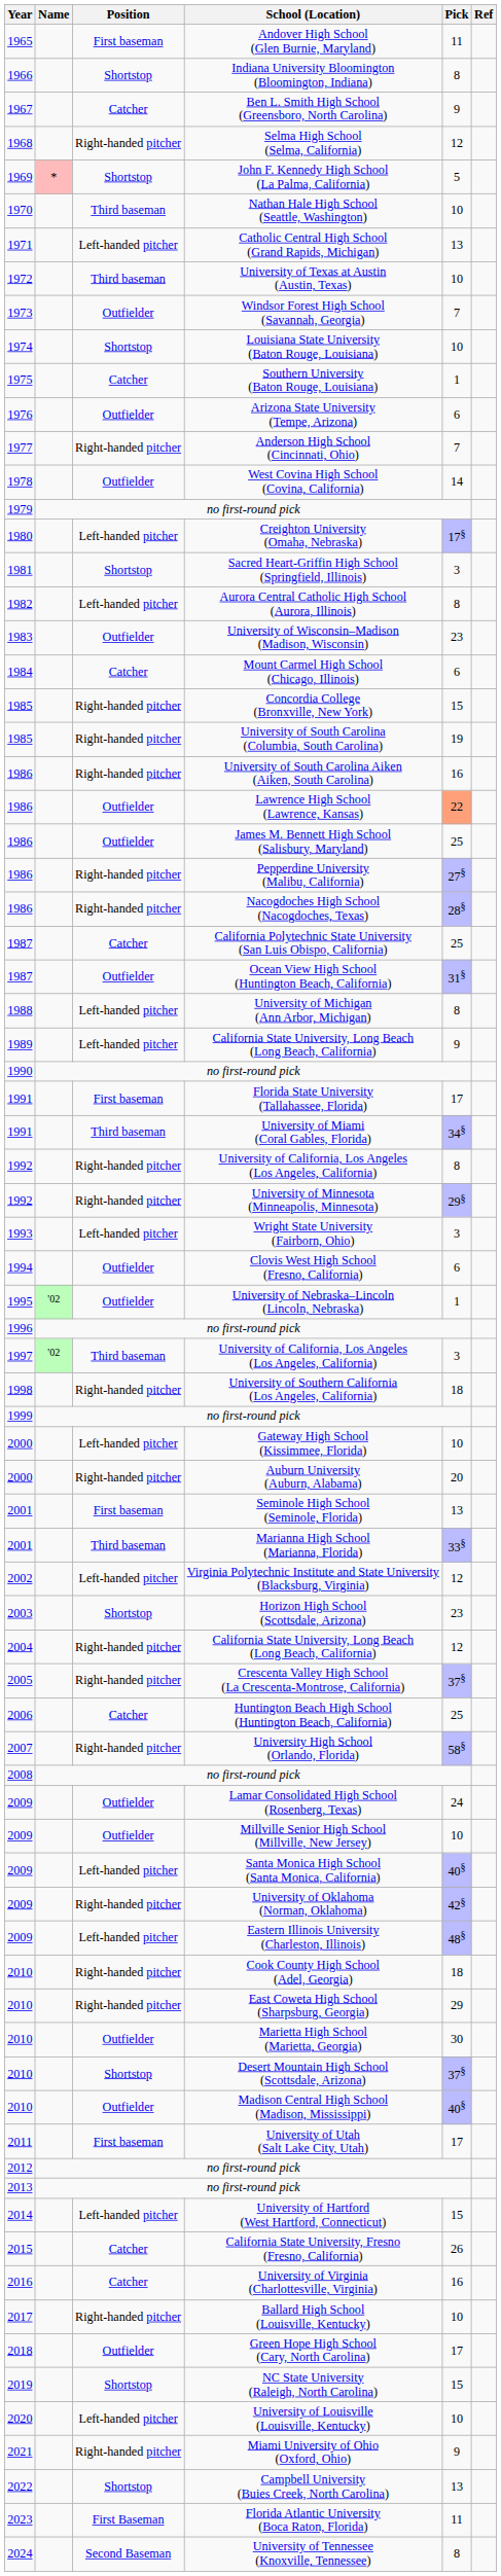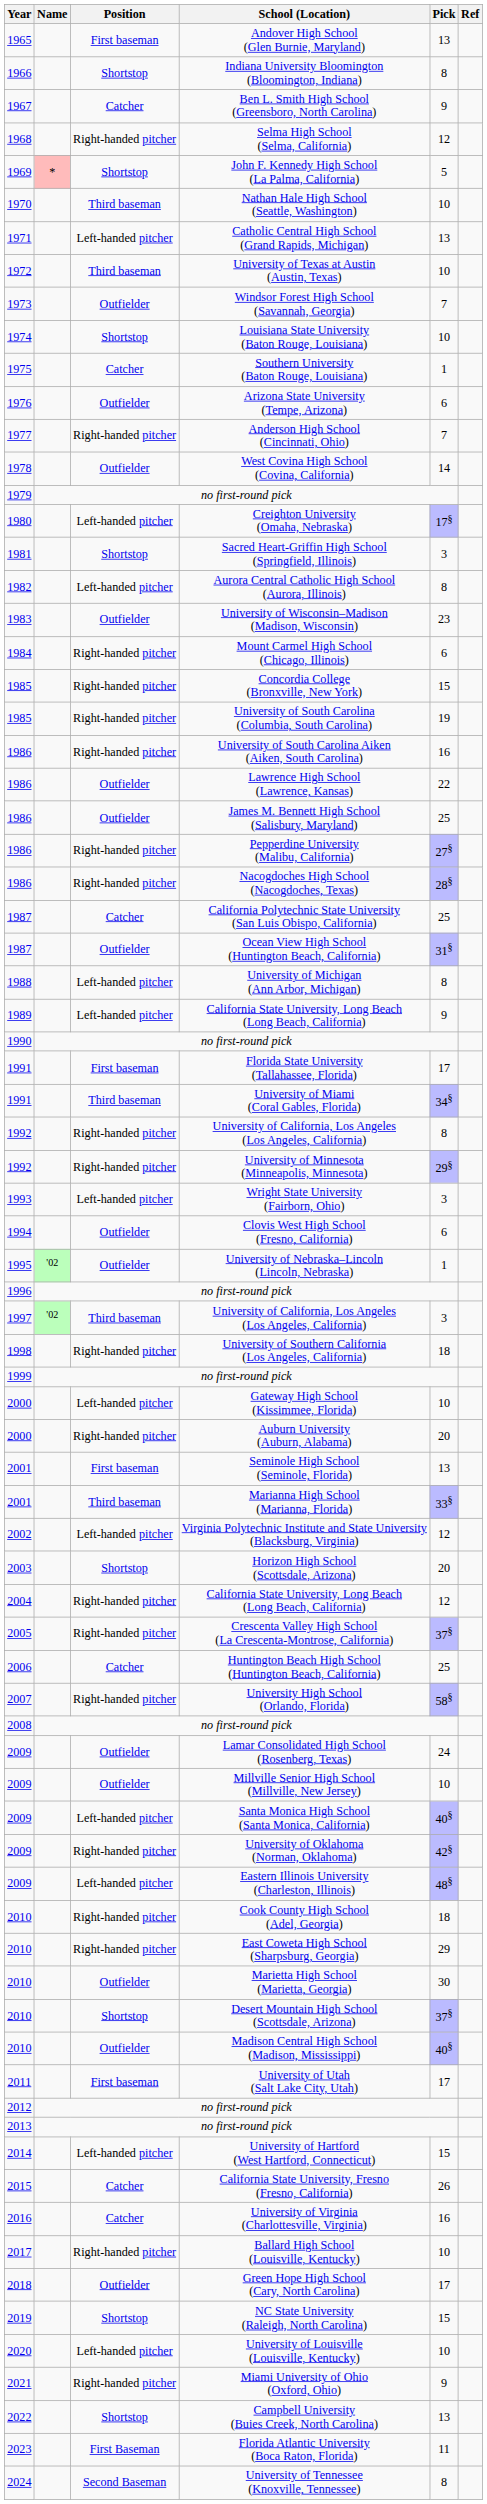 <table class="wikitable" style="text-align:center;" border="1">
 <tr>
 <th>Year</th>
 <th>Name</th>
 <th>Position</th>
 <th>School (Location)</th>
 <th>Pick</th>
 <th>Ref</th>
 </tr>
 <tr>
 <td><a href='#'>1965</a></td>
 <td></td>
 <td><a href='#'>First baseman</a></td>
 <td><a href='#'>Andover High School</a><br>(<a href='#'>Glen Burnie, Maryland</a>)</td>
-<td>11</td>
+<td>13</td>
 <td></td>
 </tr>
 <tr>
 <td><a href='#'>1966</a></td>
 <td></td>
 <td><a href='#'>Shortstop</a></td>
 <td><a href='#'>Indiana University Bloomington</a><br>(<a href='#'>Bloomington, Indiana</a>)</td>
 <td>8</td>
 <td></td>
 </tr>
 <tr>
 <td><a href='#'>1967</a></td>
 <td></td>
 <td><a href='#'>Catcher</a></td>
 <td><a href='#'>Ben L. Smith High School</a><br>(<a href='#'>Greensboro, North Carolina</a>)</td>
 <td>9</td>
 <td></td>
 </tr>
 <tr>
 <td><a href='#'>1968</a></td>
 <td></td>
 <td>Right-handed <a href='#'>pitcher</a></td>
 <td><a href='#'>Selma High School</a><br>(<a href='#'>Selma, California</a>)</td>
 <td>12</td>
 <td></td>
 </tr>
 <tr>
 <td><a href='#'>1969</a></td>
 <td bgcolor="#ffbbbb">*</td>
 <td><a href='#'>Shortstop</a></td>
 <td><a href='#'>John F. Kennedy High School</a><br>(<a href='#'>La Palma, California</a>)</td>
 <td>5</td>
 <td></td>
 </tr>
 <tr>
 <td><a href='#'>1970</a></td>
 <td></td>
 <td><a href='#'>Third baseman</a></td>
 <td><a href='#'>Nathan Hale High School</a><br>(<a href='#'>Seattle, Washington</a>)</td>
 <td>10</td>
 <td></td>
 </tr>
 <tr>
 <td><a href='#'>1971</a></td>
 <td></td>
 <td>Left-handed <a href='#'>pitcher</a></td>
 <td><a href='#'>Catholic Central High School</a><br>(<a href='#'>Grand Rapids, Michigan</a>)</td>
 <td>13</td>
 <td></td>
 </tr>
 <tr>
 <td><a href='#'>1972</a></td>
 <td></td>
 <td><a href='#'>Third baseman</a></td>
 <td><a href='#'>University of Texas at Austin</a><br>(<a href='#'>Austin, Texas</a>)</td>
 <td>10</td>
 <td></td>
 </tr>
 <tr>
 <td><a href='#'>1973</a></td>
 <td></td>
 <td><a href='#'>Outfielder</a></td>
 <td><a href='#'>Windsor Forest High School</a><br>(<a href='#'>Savannah, Georgia</a>)</td>
 <td>7</td>
 <td></td>
 </tr>
 <tr>
 <td><a href='#'>1974</a></td>
 <td></td>
 <td><a href='#'>Shortstop</a></td>
 <td><a href='#'>Louisiana State University</a><br>(<a href='#'>Baton Rouge, Louisiana</a>)</td>
 <td>10</td>
 <td></td>
 </tr>
 <tr>
 <td><a href='#'>1975</a></td>
 <td></td>
 <td><a href='#'>Catcher</a></td>
 <td><a href='#'>Southern University</a><br>(<a href='#'>Baton Rouge, Louisiana</a>)</td>
 <td>1</td>
 <td></td>
 </tr>
 <tr>
 <td><a href='#'>1976</a></td>
 <td></td>
 <td><a href='#'>Outfielder</a></td>
 <td><a href='#'>Arizona State University</a><br>(<a href='#'>Tempe, Arizona</a>)</td>
 <td>6</td>
 <td></td>
 </tr>
 <tr>
 <td><a href='#'>1977</a></td>
 <td></td>
 <td>Right-handed <a href='#'>pitcher</a></td>
 <td><a href='#'>Anderson High School</a><br>(<a href='#'>Cincinnati, Ohio</a>)</td>
 <td>7</td>
 <td></td>
 </tr>
 <tr>
 <td><a href='#'>1978</a></td>
 <td></td>
 <td><a href='#'>Outfielder</a></td>
 <td><a href='#'>West Covina High School</a><br>(<a href='#'>Covina, California</a>)</td>
 <td>14</td>
 <td></td>
 </tr>
 <tr>
 <td><a href='#'>1979</a></td>
 <td colspan="4"><em>no first-round pick</em></td>
 <td></td>
 </tr>
 <tr>
 <td><a href='#'>1980</a></td>
 <td></td>
 <td>Left-handed <a href='#'>pitcher</a></td>
 <td><a href='#'>Creighton University</a><br>(<a href='#'>Omaha, Nebraska</a>)</td>
 <td bgcolor="#bbbbff">17<sup>§</sup></td>
 <td></td>
 </tr>
 <tr>
 <td><a href='#'>1981</a></td>
 <td></td>
 <td><a href='#'>Shortstop</a></td>
 <td><a href='#'>Sacred Heart-Griffin High School</a><br>(<a href='#'>Springfield, Illinois</a>)</td>
 <td>3</td>
 <td></td>
 </tr>
 <tr>
 <td><a href='#'>1982</a></td>
 <td></td>
 <td>Left-handed <a href='#'>pitcher</a></td>
 <td><a href='#'>Aurora Central Catholic High School</a><br>(<a href='#'>Aurora, Illinois</a>)</td>
 <td>8</td>
 <td></td>
 </tr>
 <tr>
 <td><a href='#'>1983</a></td>
 <td></td>
 <td><a href='#'>Outfielder</a></td>
 <td><a href='#'>University of Wisconsin–Madison</a><br>(<a href='#'>Madison, Wisconsin</a>)</td>
 <td>23</td>
 <td></td>
 </tr>
 <tr>
 <td><a href='#'>1984</a></td>
 <td></td>
-<td><a href='#'>Catcher</a></td>
+<td>Right-handed <a href='#'>pitcher</a></td>
 <td><a href='#'>Mount Carmel High School</a><br>(<a href='#'>Chicago, Illinois</a>)</td>
 <td>6</td>
 <td></td>
 </tr>
 <tr>
 <td><a href='#'>1985</a></td>
 <td></td>
 <td>Right-handed <a href='#'>pitcher</a></td>
 <td><a href='#'>Concordia College</a><br>(<a href='#'>Bronxville, New York</a>)</td>
 <td>15</td>
 <td></td>
 </tr>
 <tr>
 <td><a href='#'>1985</a></td>
 <td></td>
 <td>Right-handed <a href='#'>pitcher</a></td>
 <td><a href='#'>University of South Carolina</a><br>(<a href='#'>Columbia, South Carolina</a>)</td>
 <td>19</td>
 <td></td>
 </tr>
 <tr>
 <td><a href='#'>1986</a></td>
 <td></td>
 <td>Right-handed <a href='#'>pitcher</a></td>
 <td><a href='#'>University of South Carolina Aiken</a><br>(<a href='#'>Aiken, South Carolina</a>)</td>
 <td>16</td>
 <td></td>
 </tr>
 <tr>
 <td><a href='#'>1986</a></td>
 <td></td>
 <td><a href='#'>Outfielder</a></td>
 <td><a href='#'>Lawrence High School</a><br>(<a href='#'>Lawrence, Kansas</a>)</td>
-<td style="background: lightsalmon;">22</td>
+<td>22</td>
 <td></td>
 </tr>
 <tr>
 <td><a href='#'>1986</a></td>
 <td></td>
 <td><a href='#'>Outfielder</a></td>
 <td><a href='#'>James M. Bennett High School</a><br>(<a href='#'>Salisbury, Maryland</a>)</td>
 <td>25</td>
 <td></td>
 </tr>
 <tr>
 <td><a href='#'>1986</a></td>
 <td></td>
 <td>Right-handed <a href='#'>pitcher</a></td>
 <td><a href='#'>Pepperdine University</a><br>(<a href='#'>Malibu, California</a>)</td>
 <td bgcolor="#bbbbff">27<sup>§</sup></td>
 <td></td>
 </tr>
 <tr>
 <td><a href='#'>1986</a></td>
 <td></td>
 <td>Right-handed <a href='#'>pitcher</a></td>
 <td><a href='#'>Nacogdoches High School</a><br>(<a href='#'>Nacogdoches, Texas</a>)</td>
 <td bgcolor="#bbbbff">28<sup>§</sup></td>
 <td></td>
 </tr>
 <tr>
 <td><a href='#'>1987</a></td>
 <td></td>
 <td><a href='#'>Catcher</a></td>
 <td><a href='#'>California Polytechnic State University</a><br>(<a href='#'>San Luis Obispo, California</a>)</td>
 <td>25</td>
 <td></td>
 </tr>
 <tr>
 <td><a href='#'>1987</a></td>
 <td></td>
 <td><a href='#'>Outfielder</a></td>
 <td><a href='#'>Ocean View High School</a><br>(<a href='#'>Huntington Beach, California</a>)</td>
 <td bgcolor="#bbbbff">31<sup>§</sup></td>
 <td></td>
 </tr>
 <tr>
 <td><a href='#'>1988</a></td>
 <td></td>
 <td>Left-handed <a href='#'>pitcher</a></td>
 <td><a href='#'>University of Michigan</a><br>(<a href='#'>Ann Arbor, Michigan</a>)</td>
 <td>8</td>
 <td></td>
 </tr>
 <tr>
 <td><a href='#'>1989</a></td>
 <td></td>
 <td>Left-handed <a href='#'>pitcher</a></td>
 <td><a href='#'>California State University, Long Beach</a><br>(<a href='#'>Long Beach, California</a>)</td>
 <td>9</td>
 <td></td>
 </tr>
 <tr>
 <td><a href='#'>1990</a></td>
 <td colspan="4"><em>no first-round pick</em></td>
 <td></td>
 </tr>
 <tr>
 <td><a href='#'>1991</a></td>
 <td></td>
 <td><a href='#'>First baseman</a></td>
 <td><a href='#'>Florida State University</a><br>(<a href='#'>Tallahassee, Florida</a>)</td>
 <td>17</td>
 <td></td>
 </tr>
 <tr>
 <td><a href='#'>1991</a></td>
 <td></td>
 <td><a href='#'>Third baseman</a></td>
 <td><a href='#'>University of Miami</a><br>(<a href='#'>Coral Gables, Florida</a>)</td>
 <td bgcolor="#bbbbff">34<sup>§</sup></td>
 <td></td>
 </tr>
 <tr>
 <td><a href='#'>1992</a></td>
 <td></td>
 <td>Right-handed <a href='#'>pitcher</a></td>
 <td><a href='#'>University of California, Los Angeles</a><br>(<a href='#'>Los Angeles, California</a>)</td>
 <td>8</td>
 <td></td>
 </tr>
 <tr>
 <td><a href='#'>1992</a></td>
 <td></td>
 <td>Right-handed <a href='#'>pitcher</a></td>
 <td><a href='#'>University of Minnesota</a><br>(<a href='#'>Minneapolis, Minnesota</a>)</td>
 <td bgcolor="#bbbbff">29<sup>§</sup></td>
 <td></td>
 </tr>
 <tr>
 <td><a href='#'>1993</a></td>
 <td></td>
 <td>Left-handed <a href='#'>pitcher</a></td>
 <td><a href='#'>Wright State University</a><br>(<a href='#'>Fairborn, Ohio</a>)</td>
 <td>3</td>
 <td></td>
 </tr>
 <tr>
 <td><a href='#'>1994</a></td>
 <td></td>
 <td><a href='#'>Outfielder</a></td>
 <td><a href='#'>Clovis West High School</a><br>(<a href='#'>Fresno, California</a>)</td>
 <td>6</td>
 <td></td>
 </tr>
 <tr>
 <td><a href='#'>1995</a></td>
 <td bgcolor="#bbffbb"><sup>'02</sup></td>
 <td><a href='#'>Outfielder</a></td>
 <td><a href='#'>University of Nebraska–Lincoln</a><br>(<a href='#'>Lincoln, Nebraska</a>)</td>
 <td>1</td>
 <td></td>
 </tr>
 <tr>
 <td><a href='#'>1996</a></td>
 <td colspan="4"><em>no first-round pick</em></td>
 <td></td>
 </tr>
 <tr>
 <td><a href='#'>1997</a></td>
 <td bgcolor="#bbffbb"><sup>'02</sup></td>
 <td><a href='#'>Third baseman</a></td>
 <td><a href='#'>University of California, Los Angeles</a><br>(<a href='#'>Los Angeles, California</a>)</td>
 <td>3</td>
 <td></td>
 </tr>
 <tr>
 <td><a href='#'>1998</a></td>
 <td></td>
 <td>Right-handed <a href='#'>pitcher</a></td>
 <td><a href='#'>University of Southern California</a><br>(<a href='#'>Los Angeles, California</a>)</td>
 <td>18</td>
 <td></td>
 </tr>
 <tr>
 <td><a href='#'>1999</a></td>
 <td colspan="4"><em>no first-round pick</em></td>
 <td></td>
 </tr>
 <tr>
 <td><a href='#'>2000</a></td>
 <td></td>
 <td>Left-handed <a href='#'>pitcher</a></td>
 <td><a href='#'>Gateway High School</a><br>(<a href='#'>Kissimmee, Florida</a>)</td>
 <td>10</td>
 <td></td>
 </tr>
 <tr>
 <td><a href='#'>2000</a></td>
 <td></td>
 <td>Right-handed <a href='#'>pitcher</a></td>
 <td><a href='#'>Auburn University</a><br>(<a href='#'>Auburn, Alabama</a>)</td>
 <td>20</td>
 <td></td>
 </tr>
 <tr>
 <td><a href='#'>2001</a></td>
 <td></td>
 <td><a href='#'>First baseman</a></td>
 <td><a href='#'>Seminole High School</a><br>(<a href='#'>Seminole, Florida</a>)</td>
 <td>13</td>
 <td></td>
 </tr>
 <tr>
 <td><a href='#'>2001</a></td>
 <td></td>
 <td><a href='#'>Third baseman</a></td>
 <td><a href='#'>Marianna High School</a><br>(<a href='#'>Marianna, Florida</a>)</td>
 <td bgcolor="#bbbbff">33<sup>§</sup></td>
 <td></td>
 </tr>
 <tr>
 <td><a href='#'>2002</a></td>
 <td></td>
 <td>Left-handed <a href='#'>pitcher</a></td>
 <td><a href='#'>Virginia Polytechnic Institute and State University</a><br>(<a href='#'>Blacksburg, Virginia</a>)</td>
 <td>12</td>
 <td></td>
 </tr>
 <tr>
 <td><a href='#'>2003</a></td>
 <td></td>
 <td><a href='#'>Shortstop</a></td>
 <td><a href='#'>Horizon High School</a><br>(<a href='#'>Scottsdale, Arizona</a>)</td>
-<td>23</td>
+<td>20</td>
 <td></td>
 </tr>
 <tr>
 <td><a href='#'>2004</a></td>
 <td></td>
 <td>Right-handed <a href='#'>pitcher</a></td>
 <td><a href='#'>California State University, Long Beach</a><br>(<a href='#'>Long Beach, California</a>)</td>
 <td>12</td>
 <td></td>
 </tr>
 <tr>
 <td><a href='#'>2005</a></td>
 <td></td>
 <td>Right-handed <a href='#'>pitcher</a></td>
 <td><a href='#'>Crescenta Valley High School</a><br>(<a href='#'>La Crescenta-Montrose, California</a>)</td>
 <td bgcolor="#bbbbff">37<sup>§</sup></td>
 <td></td>
 </tr>
 <tr>
 <td><a href='#'>2006</a></td>
 <td></td>
 <td><a href='#'>Catcher</a></td>
 <td><a href='#'>Huntington Beach High School</a><br>(<a href='#'>Huntington Beach, California</a>)</td>
 <td>25</td>
 <td></td>
 </tr>
 <tr>
 <td><a href='#'>2007</a></td>
 <td></td>
 <td>Right-handed <a href='#'>pitcher</a></td>
 <td><a href='#'>University High School</a><br>(<a href='#'>Orlando, Florida</a>)</td>
 <td bgcolor="#bbbbff">58<sup>§</sup></td>
 <td></td>
 </tr>
 <tr>
 <td><a href='#'>2008</a></td>
 <td colspan="4"><em>no first-round pick</em></td>
 <td></td>
 </tr>
 <tr>
 <td><a href='#'>2009</a></td>
 <td></td>
 <td><a href='#'>Outfielder</a></td>
 <td><a href='#'>Lamar Consolidated High School</a><br>(<a href='#'>Rosenberg, Texas</a>)</td>
 <td>24</td>
 <td></td>
 </tr>
 <tr>
 <td><a href='#'>2009</a></td>
 <td></td>
 <td><a href='#'>Outfielder</a></td>
 <td><a href='#'>Millville Senior High School</a><br>(<a href='#'>Millville, New Jersey</a>)</td>
 <td>10</td>
 <td></td>
 </tr>
 <tr>
 <td><a href='#'>2009</a></td>
 <td></td>
 <td>Left-handed <a href='#'>pitcher</a></td>
 <td><a href='#'>Santa Monica High School</a><br>(<a href='#'>Santa Monica, California</a>)</td>
 <td bgcolor="#bbbbff">40<sup>§</sup></td>
 <td></td>
 </tr>
 <tr>
 <td><a href='#'>2009</a></td>
 <td></td>
 <td>Right-handed <a href='#'>pitcher</a></td>
 <td><a href='#'>University of Oklahoma</a><br>(<a href='#'>Norman, Oklahoma</a>)</td>
 <td bgcolor="#bbbbff">42<sup>§</sup></td>
 <td></td>
 </tr>
 <tr>
 <td><a href='#'>2009</a></td>
 <td></td>
 <td>Left-handed <a href='#'>pitcher</a></td>
 <td><a href='#'>Eastern Illinois University</a><br>(<a href='#'>Charleston, Illinois</a>)</td>
 <td bgcolor="#bbbbff">48<sup>§</sup></td>
 <td></td>
 </tr>
 <tr>
 <td><a href='#'>2010</a></td>
 <td></td>
 <td>Right-handed <a href='#'>pitcher</a></td>
 <td><a href='#'>Cook County High School</a><br>(<a href='#'>Adel, Georgia</a>)</td>
 <td>18</td>
 <td></td>
 </tr>
 <tr>
 <td><a href='#'>2010</a></td>
 <td></td>
 <td>Right-handed <a href='#'>pitcher</a></td>
 <td><a href='#'>East Coweta High School</a><br>(<a href='#'>Sharpsburg, Georgia</a>)</td>
 <td>29</td>
 <td></td>
 </tr>
 <tr>
 <td><a href='#'>2010</a></td>
 <td></td>
 <td><a href='#'>Outfielder</a></td>
 <td><a href='#'>Marietta High School</a><br>(<a href='#'>Marietta, Georgia</a>)</td>
 <td>30</td>
 <td></td>
 </tr>
 <tr>
 <td><a href='#'>2010</a></td>
 <td></td>
 <td><a href='#'>Shortstop</a></td>
 <td><a href='#'>Desert Mountain High School</a><br>(<a href='#'>Scottsdale, Arizona</a>)</td>
 <td bgcolor="#bbbbff">37<sup>§</sup></td>
 <td></td>
 </tr>
 <tr>
 <td><a href='#'>2010</a></td>
 <td></td>
 <td><a href='#'>Outfielder</a></td>
 <td><a href='#'>Madison Central High School</a><br>(<a href='#'>Madison, Mississippi</a>)</td>
 <td bgcolor="#bbbbff">40<sup>§</sup></td>
 <td></td>
 </tr>
 <tr>
 <td><a href='#'>2011</a></td>
 <td></td>
 <td><a href='#'>First baseman</a></td>
 <td><a href='#'>University of Utah</a><br>(<a href='#'>Salt Lake City, Utah</a>)</td>
 <td>17</td>
 <td></td>
 </tr>
 <tr>
 <td><a href='#'>2012</a></td>
 <td colspan="4"><em>no first-round pick</em></td>
 <td></td>
 </tr>
 <tr>
 <td><a href='#'>2013</a></td>
 <td colspan="4"><em>no first-round pick</em></td>
 <td></td>
 </tr>
 <tr>
 <td><a href='#'>2014</a></td>
 <td></td>
 <td>Left-handed <a href='#'>pitcher</a></td>
 <td><a href='#'>University of Hartford</a><br>(<a href='#'>West Hartford, Connecticut</a>)</td>
 <td>15</td>
 <td></td>
 </tr>
 <tr>
 <td><a href='#'>2015</a></td>
 <td></td>
 <td><a href='#'>Catcher</a></td>
 <td><a href='#'>California State University, Fresno</a><br>(<a href='#'>Fresno, California</a>)</td>
 <td>26</td>
 <td></td>
 </tr>
 <tr>
 <td><a href='#'>2016</a></td>
 <td></td>
 <td><a href='#'>Catcher</a></td>
 <td><a href='#'>University of Virginia</a><br>(<a href='#'>Charlottesville, Virginia</a>)</td>
 <td>16</td>
 <td></td>
 </tr>
 <tr>
 <td><a href='#'>2017</a></td>
 <td></td>
 <td>Right-handed <a href='#'>pitcher</a></td>
 <td><a href='#'>Ballard High School</a><br>(<a href='#'>Louisville, Kentucky</a>)</td>
 <td>10</td>
 <td></td>
 </tr>
 <tr>
 <td><a href='#'>2018</a></td>
 <td></td>
 <td><a href='#'>Outfielder</a></td>
 <td><a href='#'>Green Hope High School</a><br>(<a href='#'>Cary, North Carolina</a>)</td>
 <td>17</td>
 <td></td>
 </tr>
 <tr>
 <td><a href='#'>2019</a></td>
 <td></td>
 <td><a href='#'>Shortstop</a></td>
 <td><a href='#'>NC State University</a><br>(<a href='#'>Raleigh, North Carolina</a>)</td>
 <td>15</td>
 <td></td>
 </tr>
 <tr>
 <td><a href='#'>2020</a></td>
 <td></td>
 <td>Left-handed <a href='#'>pitcher</a></td>
 <td><a href='#'>University of Louisville</a><br>(<a href='#'>Louisville, Kentucky</a>)</td>
 <td>10</td>
 <td></td>
 </tr>
 <tr>
 <td><a href='#'>2021</a></td>
 <td></td>
 <td>Right-handed <a href='#'>pitcher</a></td>
 <td><a href='#'>Miami University of Ohio</a><br>(<a href='#'>Oxford, Ohio</a>)</td>
 <td>9</td>
 <td></td>
 </tr>
 <tr>
 <td><a href='#'>2022</a></td>
 <td></td>
 <td><a href='#'>Shortstop</a></td>
 <td><a href='#'>Campbell University</a><br>(<a href='#'>Buies Creek, North Carolina</a>)</td>
 <td>13</td>
 <td></td>
 </tr>
 <tr>
 <td><a href='#'>2023</a></td>
 <td></td>
 <td><a href='#'>First Baseman</a></td>
 <td><a href='#'>Florida Atlantic University</a><br>(<a href='#'>Boca Raton, Florida</a>)</td>
 <td>11</td>
 <td></td>
 </tr>
 <tr>
 <td><a href='#'>2024</a></td>
 <td></td>
 <td><a href='#'>Second Baseman</a></td>
 <td><a href='#'>University of Tennessee</a><br>(<a href='#'>Knoxville, Tennessee</a>)</td>
 <td>8</td>
 <td></td>
 </tr>
 </table>
